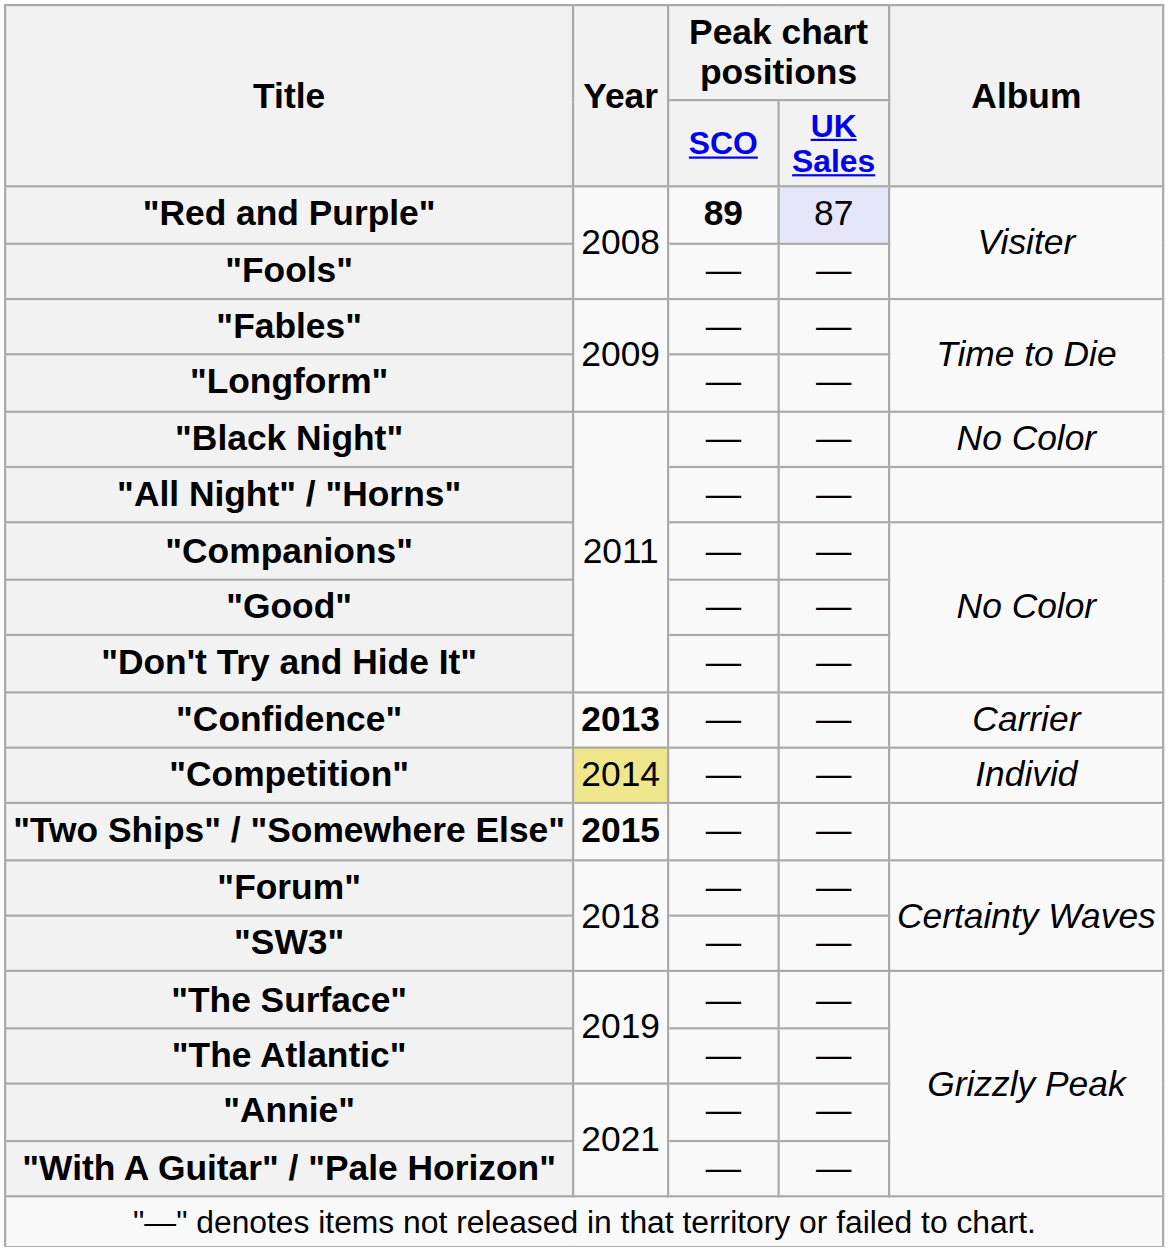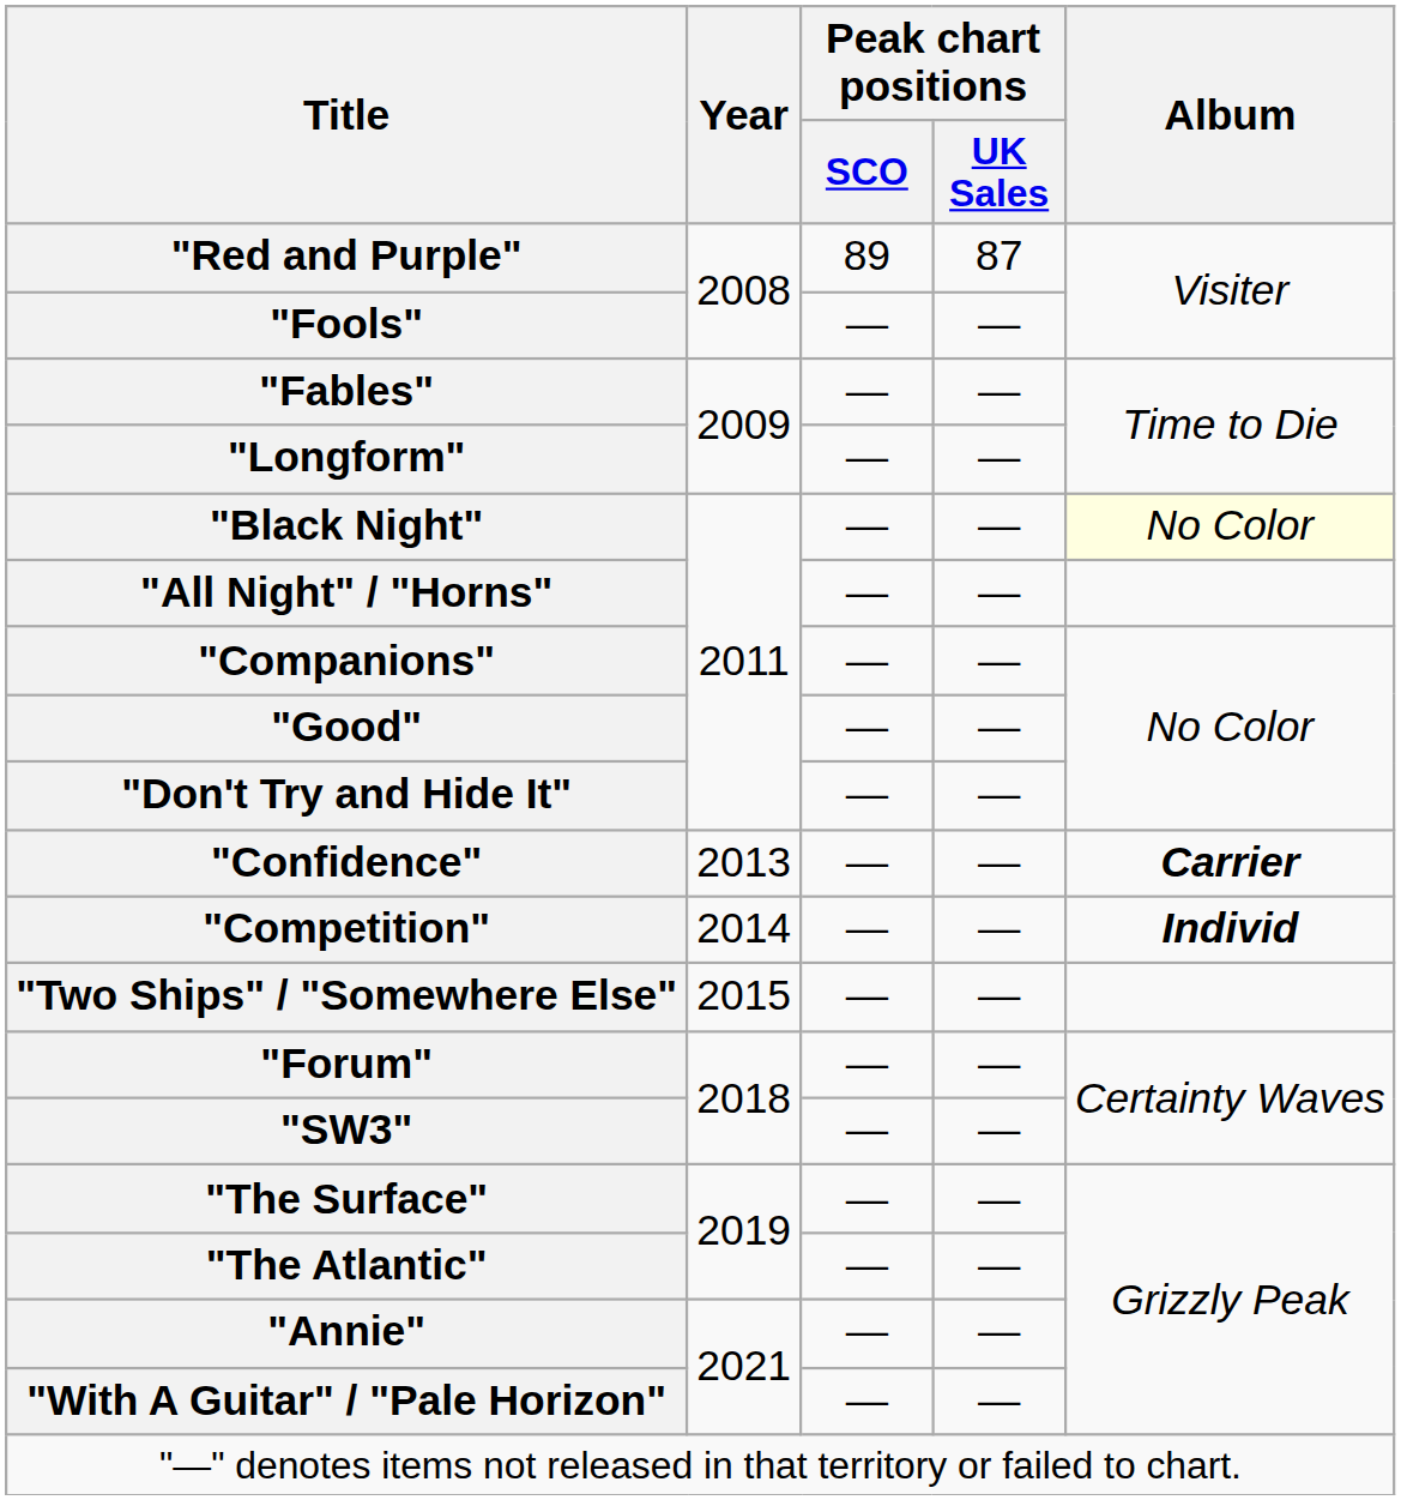 <table class="wikitable plainrowheaders" style="text-align:center;">
 <tr>
 <th scope="col" rowspan="2">Title</th>
 <th scope="col" rowspan="2">Year</th>
 <th scope="col" colspan="2">Peak chart positions</th>
 <th scope="col" rowspan="2">Album</th>
 </tr>
 <tr>
 <th scope="col" style="width:3em;font-size:90%;"><a href='#'>SCO</a><br></th>
 <th scope="col" style="width:3em;font-size:90%;"><a href='#'>UK<br>Sales</a><br></th>
 </tr>
 <tr>
 <th scope="row">"Red and Purple"</th>
 <td rowspan="2">2008</td>
-<td><strong>89</strong></td>
-<td style="background: lavender;">87</td>
+<td>89</td>
+<td>87</td>
 <td rowspan="2"><em>Visiter</em></td>
 </tr>
 <tr>
 <th scope="row">"Fools"</th>
 <td>—</td>
 <td>—</td>
 </tr>
 <tr>
 <th scope="row">"Fables"</th>
 <td rowspan="2">2009</td>
 <td>—</td>
 <td>—</td>
 <td rowspan="2"><em>Time to Die</em></td>
 </tr>
 <tr>
 <th scope="row">"Longform"</th>
 <td>—</td>
 <td>—</td>
 </tr>
 <tr>
 <th scope="row">"Black Night"</th>
 <td rowspan="5">2011</td>
 <td>—</td>
 <td>—</td>
-<td><em>No Color</em></td>
+<td style="background: lightyellow;"><em>No Color</em></td>
 </tr>
 <tr>
 <th scope="row">"All Night" / "Horns"</th>
 <td>—</td>
 <td>—</td>
 <td></td>
 </tr>
 <tr>
 <th scope="row">"Companions"</th>
 <td>—</td>
 <td>—</td>
 <td rowspan="3"><em>No Color</em></td>
 </tr>
 <tr>
 <th scope="row">"Good"</th>
 <td>—</td>
 <td>—</td>
 </tr>
 <tr>
 <th scope="row">"Don't Try and Hide It"</th>
 <td>—</td>
 <td>—</td>
 </tr>
 <tr>
 <th scope="row">"Confidence"</th>
-<td><strong>2013</strong></td>
+<td>2013</td>
 <td>—</td>
 <td>—</td>
-<td><em>Carrier</em></td>
+<td><strong><em>Carrier</em></strong></td>
 </tr>
 <tr>
 <th scope="row">"Competition"</th>
-<td style="background: khaki;">2014</td>
+<td>2014</td>
 <td>—</td>
 <td>—</td>
-<td><em>Individ</em></td>
+<td><strong><em>Individ</em></strong></td>
 </tr>
 <tr>
 <th scope="row">"Two Ships" / "Somewhere Else"</th>
-<td><strong>2015</strong></td>
+<td>2015</td>
 <td>—</td>
 <td>—</td>
 <td></td>
 </tr>
 <tr>
 <th scope="row">"Forum"</th>
 <td rowspan="2">2018</td>
 <td>—</td>
 <td>—</td>
 <td rowspan="2"><em>Certainty Waves</em></td>
 </tr>
 <tr>
 <th scope="row">"SW3"</th>
 <td>—</td>
 <td>—</td>
 </tr>
 <tr>
 <th scope="row">"The Surface"</th>
 <td rowspan="2">2019</td>
 <td>—</td>
 <td>—</td>
 <td rowspan="4"><em>Grizzly Peak</em></td>
 </tr>
 <tr>
 <th scope="row">"The Atlantic"</th>
 <td>—</td>
 <td>—</td>
 </tr>
 <tr>
 <th scope="row">"Annie"</th>
 <td rowspan="2">2021</td>
 <td>—</td>
 <td>—</td>
 </tr>
 <tr>
 <th scope="row">"With A Guitar" / "Pale Horizon"</th>
 <td>—</td>
 <td>—</td>
 </tr>
 <tr>
 <td colspan="8" style="font-size:90%">"—" denotes items not released in that territory or failed to chart.</td>
 </tr>
 </table>
